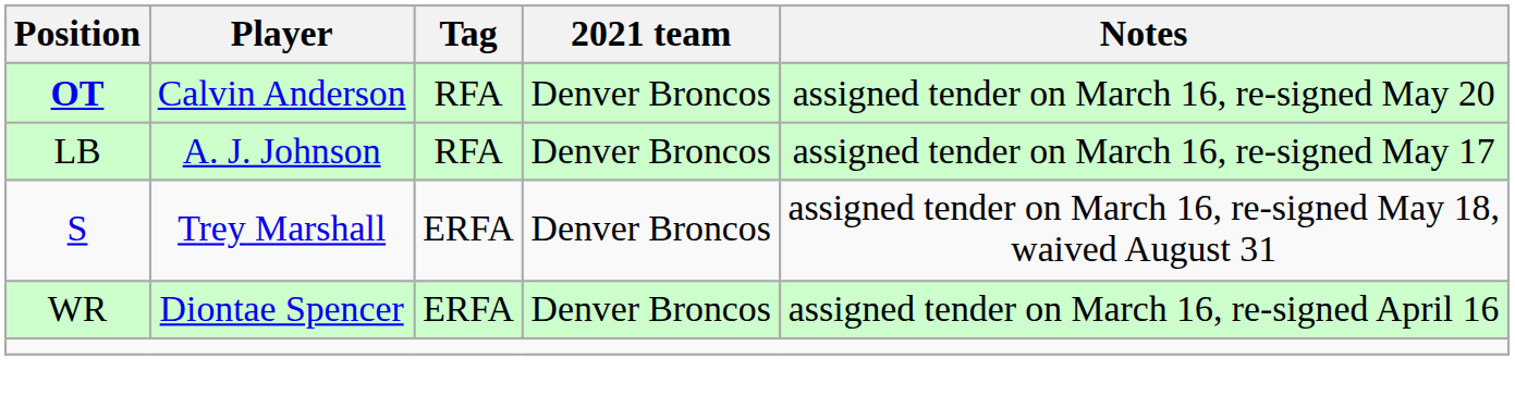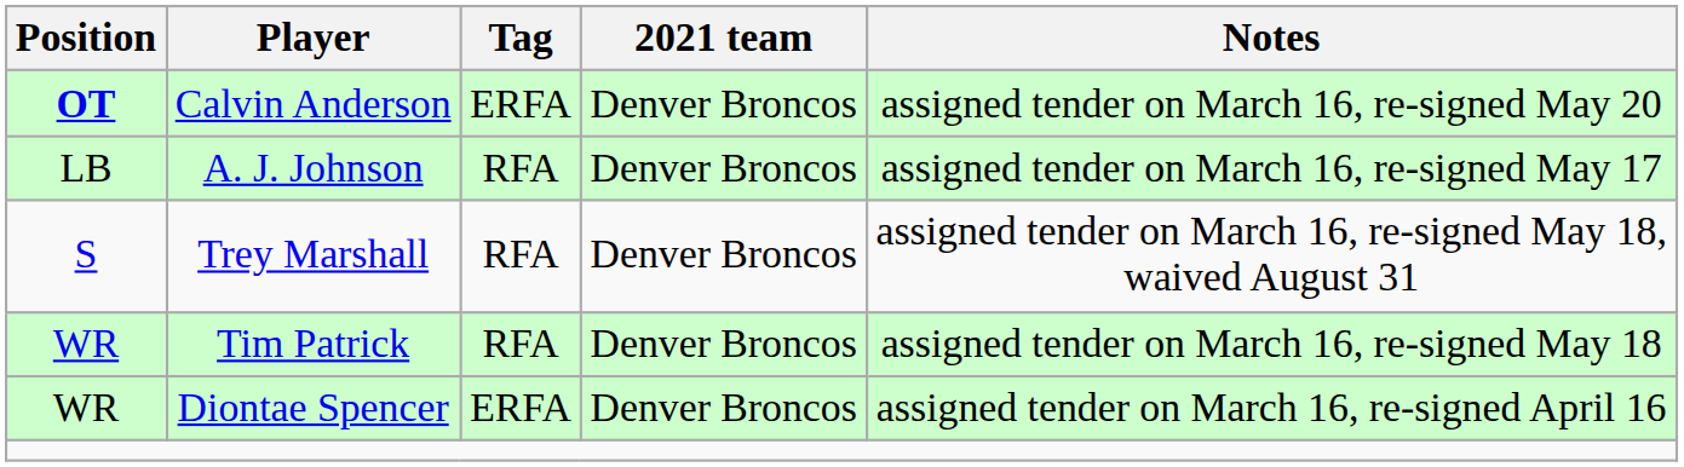 <table class="wikitable" style="text-align:center">
 <tr>
 <th>Position</th>
 <th>Player</th>
 <th>Tag</th>
 <th>2021 team</th>
 <th>Notes</th>
 </tr>
 <tr style="background:#cfc">
 <td><strong><a href='#'>OT</a></strong></td>
 <td><a href='#'>Calvin Anderson</a></td>
-<td>RFA</td>
+<td>ERFA</td>
 <td>Denver Broncos</td>
 <td>assigned tender on March 16, re-signed May 20</td>
 </tr>
 <tr style="background:#cfc">
 <td>LB</td>
 <td><a href='#'>A. J. Johnson</a></td>
 <td>RFA</td>
 <td>Denver Broncos</td>
 <td>assigned tender on March 16, re-signed May 17</td>
 </tr>
 <tr style="background:#">
 <td><a href='#'>S</a></td>
 <td><a href='#'>Trey Marshall</a></td>
-<td>ERFA</td>
+<td>RFA</td>
 <td>Denver Broncos</td>
 <td>assigned tender on March 16, re-signed May 18,<br>waived August 31</td>
+</tr>
+<tr style="background:#cfc">
+<td><a href='#'>WR</a></td>
+<td><a href='#'>Tim Patrick</a></td>
+<td>RFA</td>
+<td>Denver Broncos</td>
+<td>assigned tender on March 16, re-signed May 18</td>
 </tr>
 <tr style="background:#cfc">
 <td>WR</td>
 <td><a href='#'>Diontae Spencer</a></td>
 <td>ERFA</td>
 <td>Denver Broncos</td>
 <td>assigned tender on March 16, re-signed April 16</td>
 </tr>
 <tr>
 <td colspan=5></td>
 </tr>
 </table>
